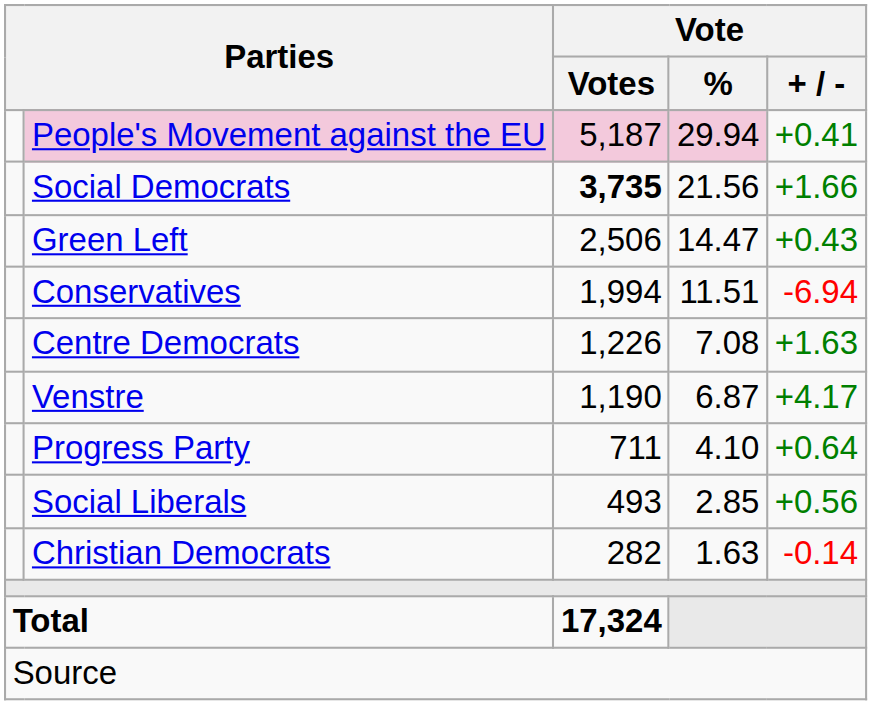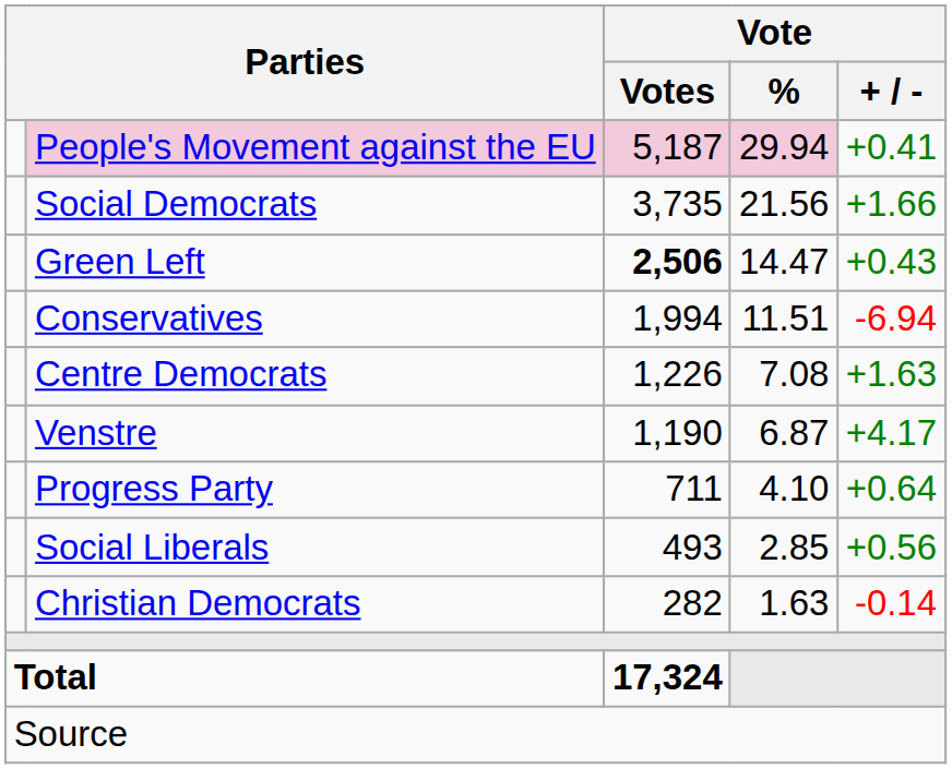 <table class="wikitable" style="text-align:right;">
 <tr>
 <th style="text-align:centre;" rowspan="2" colspan="2" width="225">Parties</th>
 <th colspan="3">Vote</th>
 </tr>
 <tr>
 <th width="15">Votes</th>
 <th width="15">%</th>
 <th width="15">+ / -</th>
 </tr>
 <tr>
 <td width="2" style="color:inherit;background:"></td>
 <td bgcolor=#f3c9dc   align="left"><a href='#'>People's Movement against the EU</a></td>
 <td bgcolor=#f3c9dc>5,187</td>
 <td bgcolor=#f3c9dc>29.94</td>
 <td style=color:green;>+0.41</td>
 </tr>
 <tr>
 <td width="2" style="color:inherit;background:"></td>
 <td align="left"><a href='#'>Social Democrats</a></td>
-<td><strong>3,735</strong></td>
+<td>3,735</td>
 <td>21.56</td>
 <td style=color:green;>+1.66</td>
 </tr>
 <tr>
 <td width="2" style="color:inherit;background:"></td>
 <td align="left"><a href='#'>Green Left</a></td>
-<td>2,506</td>
+<td><strong>2,506</strong></td>
 <td>14.47</td>
 <td style=color:green;>+0.43</td>
 </tr>
 <tr>
 <td width="2" style="color:inherit;background:"></td>
 <td align="left"><a href='#'>Conservatives</a></td>
 <td>1,994</td>
 <td>11.51</td>
 <td style=color:red;>-6.94</td>
 </tr>
 <tr>
 <td width="2" style="color:inherit;background:"></td>
 <td align="left"><a href='#'>Centre Democrats</a></td>
 <td>1,226</td>
 <td>7.08</td>
 <td style=color:green;>+1.63</td>
 </tr>
 <tr>
 <td width="2" style="color:inherit;background:"></td>
 <td align="left"><a href='#'>Venstre</a></td>
 <td>1,190</td>
 <td>6.87</td>
 <td style=color:green;>+4.17</td>
 </tr>
 <tr>
 <td width="2" style="color:inherit;background:"></td>
 <td align="left"><a href='#'>Progress Party</a></td>
 <td>711</td>
 <td>4.10</td>
 <td style=color:green;>+0.64</td>
 </tr>
 <tr>
 <td width="2" style="color:inherit;background:"></td>
 <td align="left"><a href='#'>Social Liberals</a></td>
 <td>493</td>
 <td>2.85</td>
 <td style=color:green;>+0.56</td>
 </tr>
 <tr>
 <td width="2" style="color:inherit;background:"></td>
 <td align="left"><a href='#'>Christian Democrats</a></td>
 <td>282</td>
 <td>1.63</td>
 <td style=color:red;>-0.14</td>
 </tr>
 <tr>
 <td colspan="7" bgcolor="#E9E9E9"></td>
 </tr>
 <tr>
 <td align="left" colspan="2"><strong>Total</strong></td>
 <td><strong>17,324</strong></td>
 <td bgcolor="#E9E9E9" colspan="2"></td>
 </tr>
 <tr>
 <td align="left" colspan="6">Source</td>
 </tr>
 </table>
